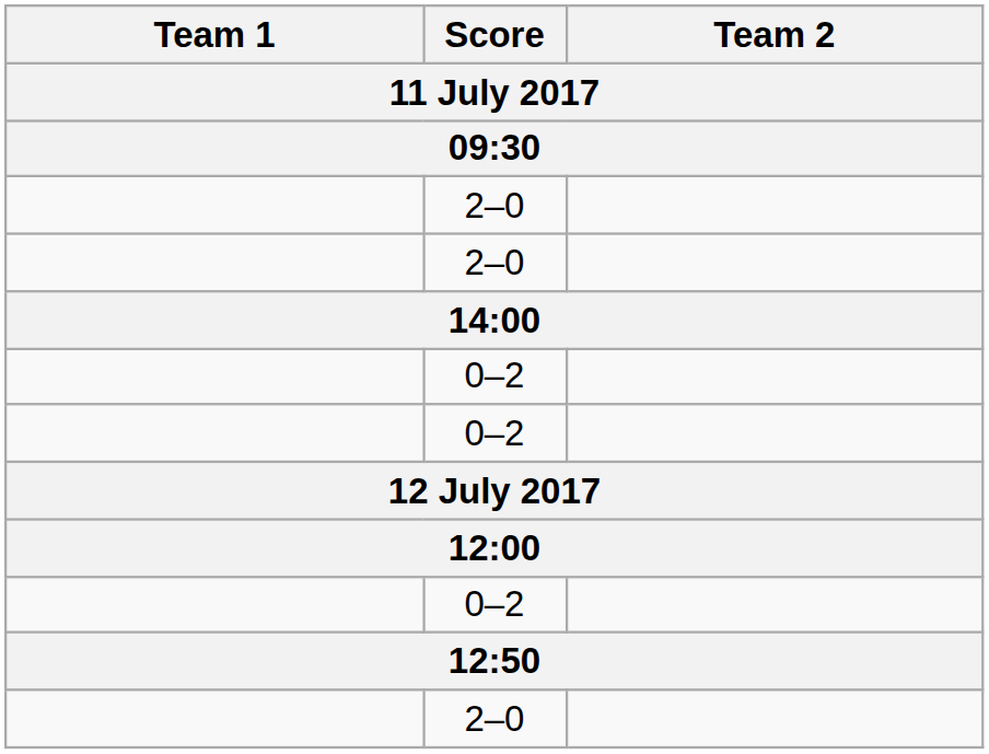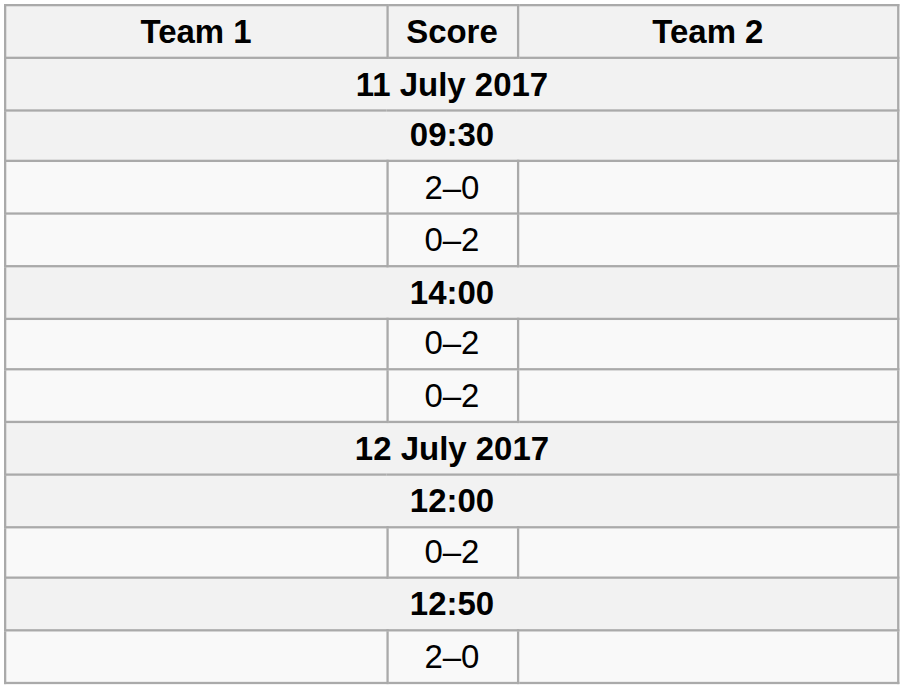 <table class="wikitable" style="text-align: center; font-size:90% ">
 <tr>
 <th align="right" width="160">Team 1</th>
 <th width="50">Score</th>
 <th align="left" width="160">Team 2</th>
 </tr>
 <tr>
 <th colspan=3>11 July 2017</th>
 </tr>
 <tr>
 <th colspan=3>09:30</th>
 </tr>
 <tr>
 <td align=right></td>
 <td align=center>2–0</td>
 <td align=left></td>
 </tr>
 <tr>
 <td align=right></td>
-<td align=center>2–0</td>
+<td align=center>0–2</td>
 <td align=left></td>
 </tr>
 <tr>
 <th colspan=3>14:00</th>
 </tr>
 <tr>
 <td align=right></td>
 <td align=center>0–2</td>
 <td align=left></td>
 </tr>
 <tr>
 <td align=right></td>
 <td align=center>0–2</td>
 <td align=left></td>
 </tr>
 <tr>
 <th colspan=3>12 July 2017</th>
 </tr>
 <tr>
 <th colspan=3>12:00</th>
 </tr>
 <tr>
 <td align=right></td>
 <td align=center>0–2</td>
 <td align=left></td>
 </tr>
 <tr>
 <th colspan=3>12:50</th>
 </tr>
 <tr>
 <td align=right></td>
 <td align=center>2–0</td>
 <td align=left></td>
 </tr>
 </table>
